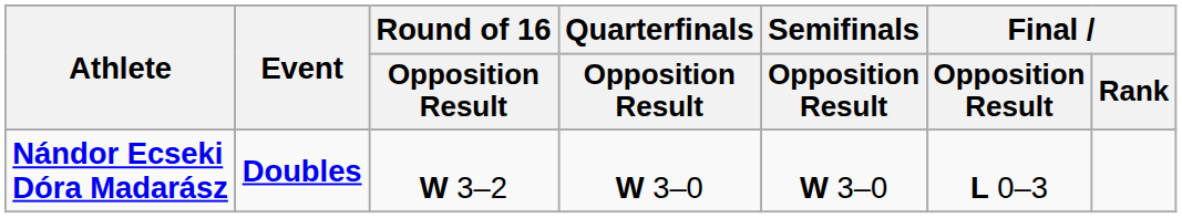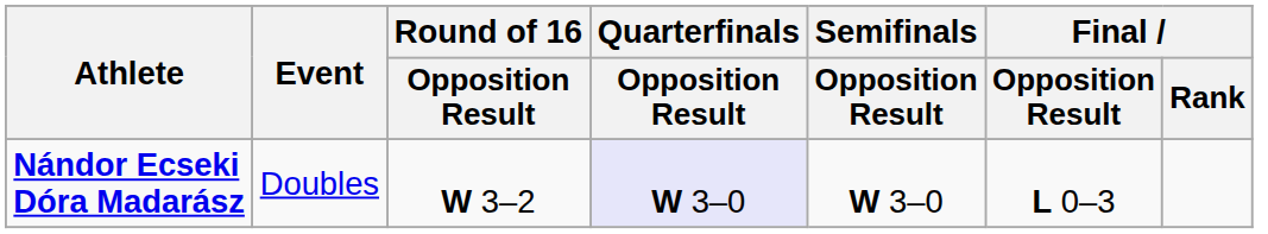 <table class="wikitable" style="font-size:90%">
 <tr>
 <th rowspan=2>Athlete</th>
 <th rowspan=2>Event</th>
 <th>Round of 16</th>
 <th>Quarterfinals</th>
 <th>Semifinals</th>
 <th colspan=2>Final / </th>
 </tr>
 <tr style="font-size:95%">
 <th>Opposition<br>Result</th>
 <th>Opposition<br>Result</th>
 <th>Opposition<br>Result</th>
 <th>Opposition<br>Result</th>
 <th>Rank</th>
 </tr>
 <tr align=center>
 <td align=left><strong><a href='#'>Nándor Ecseki</a><br><a href='#'>Dóra Madarász</a></strong></td>
-<td align=left><strong><a href='#'>Doubles</a></strong></td>
+<td align=left><a href='#'>Doubles</a></td>
 <td><br><strong>W</strong> 3–2</td>
-<td><br><strong>W</strong> 3–0</td>
+<td style="background: lavender;"><br><strong>W</strong> 3–0</td>
 <td><br><strong>W</strong> 3–0</td>
 <td><br><strong>L</strong> 0–3</td>
 <td></td>
 </tr>
 </table>
